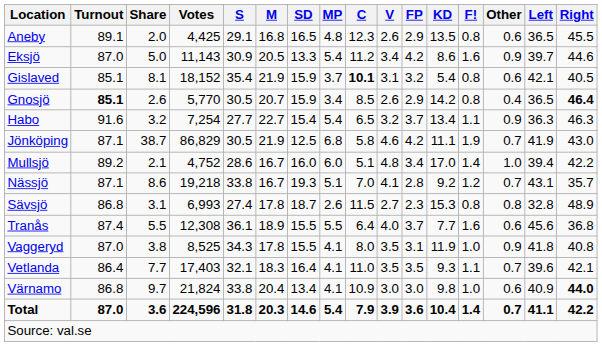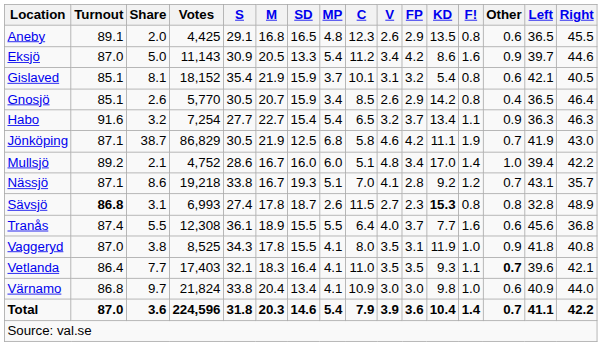 <table class="wikitable sortable" style=text-align:right>
 <tr>
 <th>Location</th>
 <th>Turnout</th>
 <th>Share</th>
 <th>Votes</th>
 <th><a href='#'>S</a></th>
 <th><a href='#'>M</a></th>
 <th><a href='#'>SD</a></th>
 <th><a href='#'>MP</a></th>
 <th><a href='#'>C</a></th>
 <th><a href='#'>V</a></th>
 <th><a href='#'>FP</a></th>
 <th><a href='#'>KD</a></th>
 <th><a href='#'>F!</a></th>
 <th>Other</th>
 <th><a href='#'>Left</a></th>
 <th><a href='#'>Right</a></th>
 </tr>
 <tr>
 <td align=left><a href='#'>Aneby</a></td>
 <td>89.1</td>
 <td>2.0</td>
 <td>4,425</td>
 <td>29.1</td>
 <td>16.8</td>
 <td>16.5</td>
 <td>4.8</td>
 <td>12.3</td>
 <td>2.6</td>
 <td>2.9</td>
 <td>13.5</td>
 <td>0.8</td>
 <td>0.6</td>
 <td>36.5</td>
 <td>45.5</td>
 </tr>
 <tr>
 <td align=left><a href='#'>Eksjö</a></td>
 <td>87.0</td>
 <td>5.0</td>
 <td>11,143</td>
 <td>30.9</td>
 <td>20.5</td>
 <td>13.3</td>
 <td>5.4</td>
 <td>11.2</td>
 <td>3.4</td>
 <td>4.2</td>
 <td>8.6</td>
 <td>1.6</td>
 <td>0.9</td>
 <td>39.7</td>
 <td>44.6</td>
 </tr>
 <tr>
 <td align=left><a href='#'>Gislaved</a></td>
 <td>85.1</td>
 <td>8.1</td>
 <td>18,152</td>
 <td>35.4</td>
 <td>21.9</td>
 <td>15.9</td>
 <td>3.7</td>
-<td><strong>10.1</strong></td>
+<td>10.1</td>
 <td>3.1</td>
 <td>3.2</td>
 <td>5.4</td>
 <td>0.8</td>
 <td>0.6</td>
 <td>42.1</td>
 <td>40.5</td>
 </tr>
 <tr>
 <td align=left><a href='#'>Gnosjö</a></td>
-<td><strong>85.1</strong></td>
+<td>85.1</td>
 <td>2.6</td>
 <td>5,770</td>
 <td>30.5</td>
 <td>20.7</td>
 <td>15.9</td>
 <td>3.4</td>
 <td>8.5</td>
 <td>2.6</td>
 <td>2.9</td>
 <td>14.2</td>
 <td>0.8</td>
 <td>0.4</td>
 <td>36.5</td>
-<td><strong>46.4</strong></td>
+<td>46.4</td>
 </tr>
 <tr>
 <td align=left><a href='#'>Habo</a></td>
 <td>91.6</td>
 <td>3.2</td>
 <td>7,254</td>
 <td>27.7</td>
 <td>22.7</td>
 <td>15.4</td>
 <td>5.4</td>
 <td>6.5</td>
 <td>3.2</td>
 <td>3.7</td>
 <td>13.4</td>
 <td>1.1</td>
 <td>0.9</td>
 <td>36.3</td>
 <td>46.3</td>
 </tr>
 <tr>
 <td align=left><a href='#'>Jönköping</a></td>
 <td>87.1</td>
 <td>38.7</td>
 <td>86,829</td>
 <td>30.5</td>
 <td>21.9</td>
 <td>12.5</td>
 <td>6.8</td>
 <td>5.8</td>
 <td>4.6</td>
 <td>4.2</td>
 <td>11.1</td>
 <td>1.9</td>
 <td>0.7</td>
 <td>41.9</td>
 <td>43.0</td>
 </tr>
 <tr>
 <td align=left><a href='#'>Mullsjö</a></td>
 <td>89.2</td>
 <td>2.1</td>
 <td>4,752</td>
 <td>28.6</td>
 <td>16.7</td>
 <td>16.0</td>
 <td>6.0</td>
 <td>5.1</td>
 <td>4.8</td>
 <td>3.4</td>
 <td>17.0</td>
 <td>1.4</td>
 <td>1.0</td>
 <td>39.4</td>
 <td>42.2</td>
 </tr>
 <tr>
 <td align=left><a href='#'>Nässjö</a></td>
 <td>87.1</td>
 <td>8.6</td>
 <td>19,218</td>
 <td>33.8</td>
 <td>16.7</td>
 <td>19.3</td>
 <td>5.1</td>
 <td>7.0</td>
 <td>4.1</td>
 <td>2.8</td>
 <td>9.2</td>
 <td>1.2</td>
 <td>0.7</td>
 <td>43.1</td>
 <td>35.7</td>
 </tr>
 <tr>
 <td align=left><a href='#'>Sävsjö</a></td>
-<td>86.8</td>
+<td><strong>86.8</strong></td>
 <td>3.1</td>
 <td>6,993</td>
 <td>27.4</td>
 <td>17.8</td>
 <td>18.7</td>
 <td>2.6</td>
 <td>11.5</td>
 <td>2.7</td>
 <td>2.3</td>
-<td>15.3</td>
+<td><strong>15.3</strong></td>
 <td>0.8</td>
 <td>0.8</td>
 <td>32.8</td>
 <td>48.9</td>
 </tr>
 <tr>
 <td align=left><a href='#'>Tranås</a></td>
 <td>87.4</td>
 <td>5.5</td>
 <td>12,308</td>
 <td>36.1</td>
 <td>18.9</td>
 <td>15.5</td>
 <td>5.5</td>
 <td>6.4</td>
 <td>4.0</td>
 <td>3.7</td>
 <td>7.7</td>
 <td>1.6</td>
 <td>0.6</td>
 <td>45.6</td>
 <td>36.8</td>
 </tr>
 <tr>
 <td align=left><a href='#'>Vaggeryd</a></td>
 <td>87.0</td>
 <td>3.8</td>
 <td>8,525</td>
 <td>34.3</td>
 <td>17.8</td>
 <td>15.5</td>
 <td>4.1</td>
 <td>8.0</td>
 <td>3.5</td>
 <td>3.1</td>
 <td>11.9</td>
 <td>1.0</td>
 <td>0.9</td>
 <td>41.8</td>
 <td>40.8</td>
 </tr>
 <tr>
 <td align=left><a href='#'>Vetlanda</a></td>
 <td>86.4</td>
 <td>7.7</td>
 <td>17,403</td>
 <td>32.1</td>
 <td>18.3</td>
 <td>16.4</td>
 <td>4.1</td>
 <td>11.0</td>
 <td>3.5</td>
 <td>3.5</td>
 <td>9.3</td>
 <td>1.1</td>
-<td>0.7</td>
+<td><strong>0.7</strong></td>
 <td>39.6</td>
 <td>42.1</td>
 </tr>
 <tr>
 <td align=left><a href='#'>Värnamo</a></td>
 <td>86.8</td>
 <td>9.7</td>
 <td>21,824</td>
 <td>33.8</td>
 <td>20.4</td>
 <td>13.4</td>
 <td>4.1</td>
 <td>10.9</td>
 <td>3.0</td>
 <td>3.0</td>
 <td>9.8</td>
 <td>1.0</td>
 <td>0.6</td>
 <td>40.9</td>
-<td><strong>44.0</strong></td>
+<td>44.0</td>
 </tr>
 <tr>
 <td align=left><strong>Total</strong></td>
 <td><strong>87.0</strong></td>
 <td><strong>3.6</strong></td>
 <td><strong>224,596</strong></td>
 <td><strong>31.8</strong></td>
 <td><strong>20.3</strong></td>
 <td><strong>14.6</strong></td>
 <td><strong>5.4</strong></td>
 <td><strong>7.9</strong></td>
 <td><strong>3.9</strong></td>
 <td><strong>3.6</strong></td>
 <td><strong>10.4</strong></td>
 <td><strong>1.4</strong></td>
 <td><strong>0.7</strong></td>
 <td><strong>41.1</strong></td>
 <td><strong>42.2</strong></td>
 </tr>
 <tr>
 <td align=left colspan=16>Source: val.se </td>
 </tr>
 </table>
